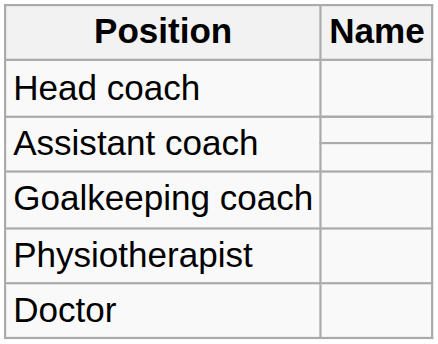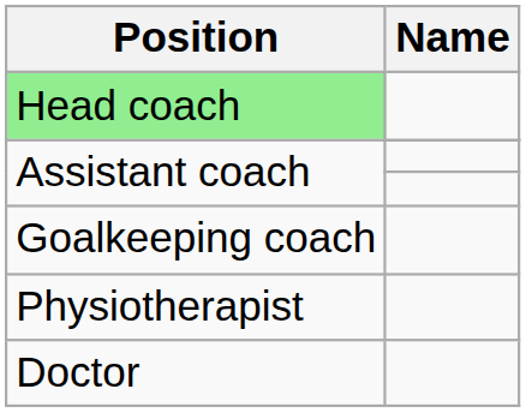 <table class="wikitable" style="text-align:left;font-size:100%;">
 <tr>
 <th>Position</th>
 <th>Name</th>
 </tr>
 <tr>
-<td>Head coach</td>
+<td style="background: lightgreen;">Head coach</td>
 <td> </td>
 </tr>
 <tr>
 <td rowspan="3">Assistant coach</td>
 </tr>
 <tr>
 <td> </td>
 </tr>
 <tr>
 <td> </td>
 </tr>
 <tr>
 <td>Goalkeeping coach</td>
 <td> </td>
 </tr>
 <tr>
 <td>Physiotherapist</td>
 <td> </td>
 </tr>
 <tr>
 <td>Doctor</td>
 <td> </td>
 </tr>
 </table>
